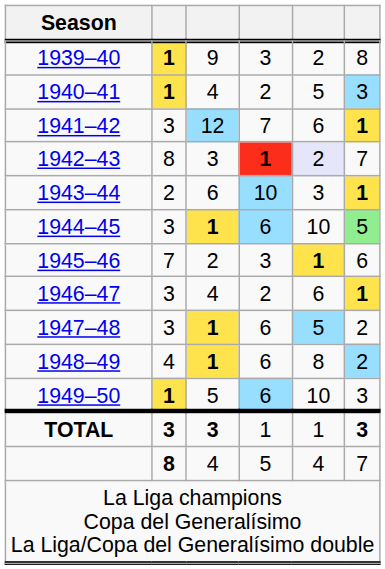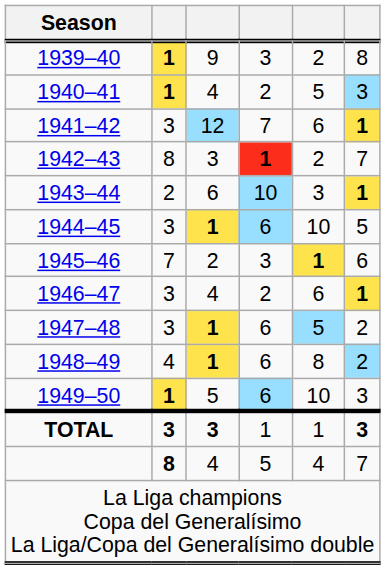 <table class="wikitable sortable" style="text-align:center; font-size:90%; float:right; margin-left:1em">
 <tr>
 <th>Season</th>
 <th></th>
 <th></th>
 <th></th>
 <th></th>
 <th></th>
 </tr>
 <tr style="border-top:3px solid black">
 </tr>
 <tr>
 <td><a href='#'>1939–40</a></td>
 <td style="background: #FFE34D;"><strong>1</strong></td>
 <td>9</td>
 <td>3</td>
 <td>2</td>
 <td>8</td>
 </tr>
 <tr>
 <td><a href='#'>1940–41</a></td>
 <td style="background: #FFE34D;"><strong>1</strong></td>
 <td>4</td>
 <td>2</td>
 <td>5</td>
 <td style="background: #97DEFF;">3</td>
 </tr>
 <tr>
 <td><a href='#'>1941–42</a></td>
 <td>3</td>
 <td style="background: #97DEFF;">12</td>
 <td>7</td>
 <td>6</td>
 <td style="background: #FFE34D;"><strong>1</strong></td>
 </tr>
 <tr>
 <td><a href='#'>1942–43</a></td>
 <td>8</td>
 <td>3</td>
 <td style="background: #FD2D1C;"><strong>1</strong></td>
-<td style="background: lavender;">2</td>
+<td>2</td>
 <td>7</td>
 </tr>
 <tr>
 <td><a href='#'>1943–44</a></td>
 <td>2</td>
 <td>6</td>
 <td style="background: #97DEFF;">10</td>
 <td>3</td>
 <td style="background: #FFE34D;"><strong>1</strong></td>
 </tr>
 <tr>
 <td><a href='#'>1944–45</a></td>
 <td>3</td>
 <td style="background: #FFE34D;"><strong>1</strong></td>
 <td style="background: #97DEFF;">6</td>
 <td>10</td>
-<td style="background: lightgreen;">5</td>
+<td>5</td>
 </tr>
 <tr>
 <td><a href='#'>1945–46</a></td>
 <td>7</td>
 <td>2</td>
 <td>3</td>
 <td style="background: #FFE34D;"><strong>1</strong></td>
 <td>6</td>
 </tr>
 <tr>
 <td><a href='#'>1946–47</a></td>
 <td>3</td>
 <td>4</td>
 <td>2</td>
 <td>6</td>
 <td style="background: #FFE34D;"><strong>1</strong></td>
 </tr>
 <tr>
 <td><a href='#'>1947–48</a></td>
 <td>3</td>
 <td style="background: #FFE34D;"><strong>1</strong></td>
 <td>6</td>
 <td style="background: #97DEFF;">5</td>
 <td>2</td>
 </tr>
 <tr>
 <td><a href='#'>1948–49</a></td>
 <td>4</td>
 <td style="background: #FFE34D;"><strong>1</strong></td>
 <td>6</td>
 <td>8</td>
 <td style="background: #97DEFF;">2</td>
 </tr>
 <tr>
 <td><a href='#'>1949–50</a></td>
 <td style="background: #FFE34D;"><strong>1</strong></td>
 <td>5</td>
 <td style="background: #97DEFF;">6</td>
 <td>10</td>
 <td>3</td>
 </tr>
 <tr>
 </tr>
 <tr style="border-top:3px solid black" class="sortbottom">
 <td><strong>TOTAL</strong></td>
 <td><strong>3</strong></td>
 <td><strong>3</strong></td>
 <td>1</td>
 <td>1</td>
 <td><strong>3</strong></td>
 </tr>
 <tr class="sortbottom">
 <td><strong></strong></td>
 <td><strong>8</strong></td>
 <td>4</td>
 <td>5</td>
 <td>4</td>
 <td>7</td>
 </tr>
 <tr class="sortbottom">
 <td colspan="7"> La Liga champions<br> Copa del Generalísimo<br> La Liga/Copa del Generalísimo double</td>
 </tr>
 <tr style="border-top:3px solid black" class="sortbottom">
 </tr>
 </table>
